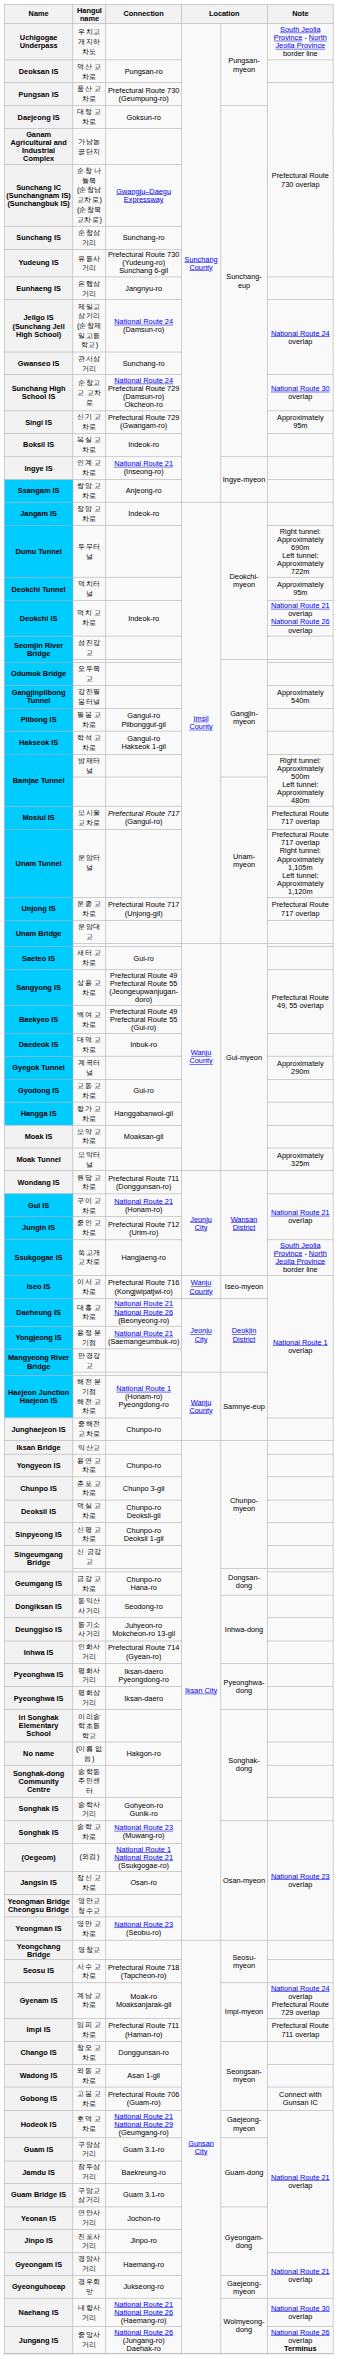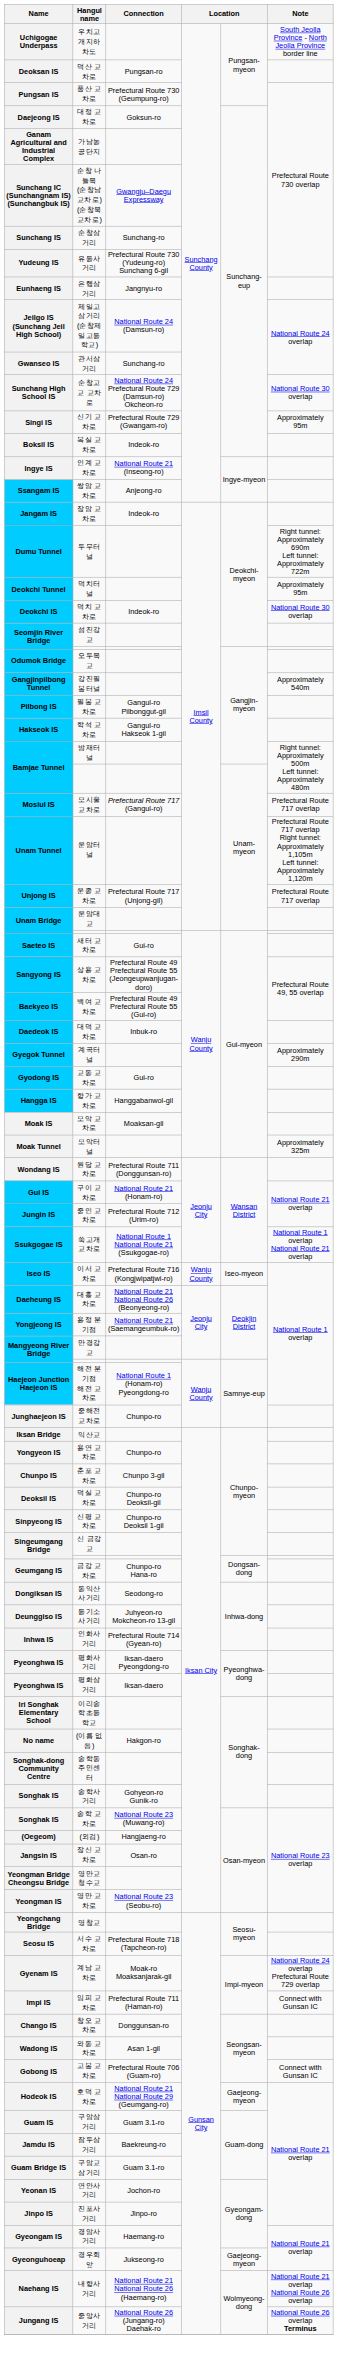 <table class="wikitable" style="font-size: 85%; text-align: center;">
 <tr>
 <th>Name </th>
 <th>Hangul name</th>
 <th>Connection</th>
 <th colspan="2">Location</th>
 <th>Note</th>
 </tr>
 <tr>
 <th>Uchigogae Underpass</th>
 <td>우치고개지하차도</td>
 <td></td>
 <td rowspan=16><a href='#'>Sunchang County</a></td>
 <td rowspan=3>Pungsan-myeon</td>
 <td><a href='#'>South Jeolla Province</a> - <a href='#'>North Jeolla Province</a> border line</td>
 </tr>
 <tr>
 <th>Deoksan IS</th>
 <td>덕산 교차로</td>
 <td>Pungsan-ro</td>
 <td></td>
 </tr>
 <tr>
 <th>Pungsan IS</th>
 <td>풍산 교차로</td>
 <td>Prefectural Route 730<br>(Geumpung-ro)</td>
 <td rowspan=6>Prefectural Route 730 overlap</td>
 </tr>
 <tr>
 <th>Daejeong IS</th>
 <td>대정 교차로</td>
 <td>Goksun-ro</td>
 <td rowspan=11>Sunchang-eup</td>
 </tr>
 <tr>
 <th>Ganam Agricultural and Industrial Complex</th>
 <td>가남농공단지</td>
 <td></td>
 </tr>
 <tr>
 <th>Sunchang IC<br>(Sunchangnam IS)<br>(Sunchangbuk IS)</th>
 <td>순창 나들목<br>(순창남 교차로)<br>(순창북 교차로)</td>
 <td><a href='#'>Gwangju–Daegu Expressway</a></td>
 </tr>
 <tr>
 <th>Sunchang IS</th>
 <td>순창삼거리</td>
 <td>Sunchang-ro</td>
 </tr>
 <tr>
 <th>Yudeung IS</th>
 <td>유등사거리</td>
 <td>Prefectural Route 730<br>(Yudeung-ro)<br>Sunchang 6-gil</td>
 </tr>
 <tr>
 <th>Eunhaeng IS</th>
 <td>은행삼거리</td>
 <td>Jangnyu-ro</td>
 <td></td>
 </tr>
 <tr>
 <th>Jeilgo IS<br>(Sunchang Jeil High School)</th>
 <td>제일고삼거리<br>(순창제일고등학교)</td>
 <td><a href='#'>National Route 24</a><br>(Damsun-ro)</td>
 <td rowspan=2><a href='#'>National Route 24</a> overlap</td>
 </tr>
 <tr>
 <th>Gwanseo IS</th>
 <td>관서삼거리</td>
 <td>Sunchang-ro</td>
 </tr>
 <tr>
 <th>Sunchang High School IS</th>
 <td>순창고교 교차로</td>
 <td><a href='#'>National Route 24</a><br>Prefectural Route 729<br>(Damsun-ro)<br>Okcheon-ro</td>
 <td><a href='#'>National Route 30</a> overlap</td>
 </tr>
 <tr>
 <th>Singi IS</th>
 <td>신기 교차로</td>
 <td>Prefectural Route 729<br>(Gwangam-ro)</td>
 <td>Approximately 95m</td>
 </tr>
 <tr>
 <th>Boksil IS</th>
 <td>복실 교차로</td>
 <td>Indeok-ro</td>
 <td></td>
 </tr>
 <tr>
 <th>Ingye IS</th>
 <td>인계 교차로</td>
 <td><a href='#'>National Route 21</a><br>(Inseong-ro)</td>
 <td rowspan=2>Ingye-myeon</td>
 <td></td>
 </tr>
 <tr>
 <th style="background-color: #00CCFF;">Ssangam IS</th>
 <td>쌍암 교차로</td>
 <td>Anjeong-ro</td>
 <td></td>
 </tr>
 <tr>
 <th style="background-color: #00CCFF;">Jangam IS</th>
 <td>장암 교차로</td>
 <td>Indeok-ro</td>
 <td rowspan=16><a href='#'>Imsil County</a></td>
 <td rowspan=5>Deokchi-myeon</td>
 <td></td>
 </tr>
 <tr>
 <th style="background-color: #00CCFF;">Dumu Tunnel</th>
 <td>두무터널</td>
 <td></td>
 <td>Right tunnel: Approximately 690m<br>Left tunnel: Approximately 722m</td>
 </tr>
 <tr>
 <th style="background-color: #00CCFF;">Deokchi Tunnel</th>
 <td>덕치터널</td>
 <td></td>
 <td>Approximately 95m</td>
 </tr>
 <tr>
 <th style="background-color: #00CCFF;">Deokchi IS</th>
 <td>덕치 교차로</td>
 <td>Indeok-ro</td>
-<td><a href='#'>National Route 21</a> overlap<br><a href='#'>National Route 26</a> overlap</td>
+<td><a href='#'>National Route 30</a> overlap</td>
 </tr>
 <tr>
 <th rowspan=2 style="background-color: #00CCFF;">Seomjin River Bridge</th>
 <td>섬진강교</td>
 <td></td>
 <td></td>
 </tr>
 <tr>
 <td></td>
 <td></td>
 <td rowspan=6>Gangjin-myeon</td>
 <td></td>
 </tr>
 <tr>
 <th style="background-color: #00CCFF;">Odumok Bridge</th>
 <td>오두목교</td>
 <td></td>
 <td></td>
 </tr>
 <tr>
 <th style="background-color: #00CCFF;">Gangjinpilbong Tunnel</th>
 <td>강진필봉터널</td>
 <td></td>
 <td>Approximately 540m</td>
 </tr>
 <tr>
 <th style="background-color: #00CCFF;">Pilbong IS</th>
 <td>필봉 교차로</td>
 <td>Gangul-ro<br>Pilbonggut-gil</td>
 <td></td>
 </tr>
 <tr>
 <th style="background-color: #00CCFF;">Hakseok IS</th>
 <td>학석 교차로</td>
 <td>Gangul-ro<br>Hakseok 1-gil</td>
 <td></td>
 </tr>
 <tr>
 <th rowspan=2 style="background-color: #00CCFF;">Bamjae Tunnel</th>
 <td>밤재터널</td>
 <td></td>
 <td rowspan=2>Right tunnel: Approximately 500m<br>Left tunnel: Approximately 480m</td>
 </tr>
 <tr>
 <td></td>
 <td></td>
 <td rowspan=5>Unam-myeon</td>
 </tr>
 <tr>
 <th style="background-color: #00CCFF;">Mosiul IS</th>
 <td>모시울 교차로</td>
 <td><em>Prefectural Route 717</em><br>(Gangul-ro)</td>
 <td>Prefectural Route 717 overlap</td>
 </tr>
 <tr>
 <th style="background-color: #00CCFF;">Unam Tunnel</th>
 <td>운암터널</td>
 <td></td>
 <td>Prefectural Route 717 overlap<br>Right tunnel: Approximately 1,105m<br>Left tunnel: Approximately 1,120m</td>
 </tr>
 <tr>
 <th style="background-color: #00CCFF;">Unjong IS</th>
 <td>운종 교차로</td>
 <td>Prefectural Route 717<br>(Unjong-gil)</td>
 <td>Prefectural Route 717 overlap</td>
 </tr>
 <tr>
 <th rowspan=2 style="background-color: #00CCFF;">Unam Bridge</th>
 <td>운암대교</td>
 <td></td>
 <td></td>
 </tr>
 <tr>
 <td></td>
 <td></td>
 <td rowspan=10><a href='#'>Wanju County</a></td>
 <td rowspan=10>Gui-myeon</td>
 <td></td>
 </tr>
 <tr>
 <th style="background-color: #00CCFF;">Saeteo IS</th>
 <td>새터 교차로</td>
 <td>Gui-ro</td>
 <td></td>
 </tr>
 <tr>
 <th style="background-color: #00CCFF;">Sangyong IS</th>
 <td>상용 교차로</td>
 <td>Prefectural Route 49<br>Prefectural Route 55<br>(Jeongeupwanjugan-doro)</td>
 <td rowspan=2>Prefectural Route 49, 55 overlap</td>
 </tr>
 <tr>
 <th style="background-color: #00CCFF;">Baekyeo IS</th>
 <td>백여 교차로</td>
 <td>Prefectural Route 49<br>Prefectural Route 55<br>(Gui-ro)</td>
 </tr>
 <tr>
 <th style="background-color: #00CCFF;">Daedeok IS</th>
 <td>대덕 교차로</td>
 <td>Inbuk-ro</td>
 <td></td>
 </tr>
 <tr>
 <th style="background-color: #00CCFF;">Gyegok Tunnel</th>
 <td>계곡터널</td>
 <td></td>
 <td>Approximately 290m</td>
 </tr>
 <tr>
 <th style="background-color: #00CCFF;">Gyodong IS</th>
 <td>교동 교차로</td>
 <td>Gui-ro</td>
 <td></td>
 </tr>
 <tr>
 <th style="background-color: #00CCFF;">Hangga IS</th>
 <td>항가 교차로</td>
 <td>Hanggabanwol-gil</td>
 <td></td>
 </tr>
 <tr>
 <th>Moak IS</th>
 <td>모악 교차로</td>
 <td>Moaksan-gil</td>
 <td></td>
 </tr>
 <tr>
 <th>Moak Tunnel</th>
 <td>모악터널</td>
 <td></td>
 <td>Approximately 325m</td>
 </tr>
 <tr>
 <th>Wondang IS</th>
 <td>원당 교차로</td>
 <td>Prefectural Route 711<br>(Donggunsan-ro)</td>
 <td rowspan=4><a href='#'>Jeonju City</a></td>
 <td rowspan=4><a href='#'>Wansan District</a></td>
 <td></td>
 </tr>
 <tr>
 <th style="background-color: #00CCFF;">Gui IS</th>
 <td>구이 교차로</td>
 <td><a href='#'>National Route 21</a><br>(Honam-ro)</td>
 <td rowspan=2><a href='#'>National Route 21</a> overlap</td>
 </tr>
 <tr>
 <th style="background-color: #00CCFF;">Jungin IS</th>
 <td>중인 교차로</td>
 <td>Prefectural Route 712<br>(Urim-ro)</td>
 </tr>
 <tr>
 <th style="background-color: #00CCFF;">Ssukgogae IS</th>
 <td>쑥고개 교차로</td>
-<td>Hangjaeng-ro</td>
-<td><a href='#'>South Jeolla Province</a> - <a href='#'>North Jeolla Province</a> border line</td>
+<td><a href='#'>National Route 1</a><br><a href='#'>National Route 21</a><br>(Ssukgogae-ro)</td>
+<td><a href='#'>National Route 1</a> overlap<br><a href='#'>National Route 21</a> overlap</td>
 </tr>
 <tr>
 <th style="background-color: #00CCFF;">Iseo IS</th>
 <td>이서 교차로</td>
 <td>Prefectural Route 716<br>(Kongjwipatjwi-ro)</td>
 <td><a href='#'>Wanju County</a></td>
 <td>Iseo-myeon</td>
 <td rowspan=6><a href='#'>National Route 1</a> overlap</td>
 </tr>
 <tr>
 <th style="background-color: #00CCFF;">Daeheung IS</th>
 <td>대흥 교차로</td>
 <td><a href='#'>National Route 21</a><br><a href='#'>National Route 26</a><br>(Beonyeong-ro)</td>
 <td rowspan=3><a href='#'>Jeonju City</a></td>
 <td rowspan=3><a href='#'>Deokjin District</a></td>
 </tr>
 <tr>
 <th style="background-color: #00CCFF;">Yongjeong IS</th>
 <td>용정 분기점</td>
 <td><a href='#'>National Route 21</a><br>(Saemangeumbuk-ro)</td>
 </tr>
 <tr>
 <th rowspan=2 style="background-color: #00CCFF;">Mangyeong River Bridge</th>
 <td>만경강교</td>
 <td></td>
 </tr>
 <tr>
 <td></td>
 <td></td>
 <td rowspan=3><a href='#'>Wanju County</a></td>
 <td rowspan=3>Samnye-eup</td>
 </tr>
 <tr>
 <th style="background-color: #00CCFF;">Haejeon Junction<br>Haejeon IS</th>
 <td>해전 분기점<br>해전 교차로</td>
 <td><a href='#'>National Route 1</a><br>(Honam-ro)<br>Pyeongdong-ro</td>
 </tr>
 <tr>
 <th>Junghaejeon IS</th>
 <td>중해전 교차로</td>
 <td>Chunpo-ro</td>
 <td></td>
 </tr>
 <tr>
 <th>Iksan Bridge</th>
 <td>익산교</td>
 <td></td>
 <td rowspan=22><a href='#'>Iksan City</a></td>
 <td rowspan=6>Chunpo-myeon</td>
 <td></td>
 </tr>
 <tr>
 <th>Yongyeon IS</th>
 <td>용연 교차로</td>
 <td>Chunpo-ro</td>
 <td></td>
 </tr>
 <tr>
 <th>Chunpo IS</th>
 <td>춘포 교차로</td>
 <td>Chunpo 3-gil</td>
 <td></td>
 </tr>
 <tr>
 <th>Deoksil IS</th>
 <td>덕실 교차로</td>
 <td>Chunpo-ro<br>Deoksil-gil</td>
 <td></td>
 </tr>
 <tr>
 <th>Sinpyeong IS</th>
 <td>신평 교차로</td>
 <td>Chunpo-ro<br>Deoksil 1-gil</td>
 <td></td>
 </tr>
 <tr>
 <th rowspan=2>Singeumgang Bridge</th>
 <td>신 금강교</td>
 <td></td>
 <td></td>
 </tr>
 <tr>
 <td></td>
 <td></td>
 <td rowspan=2>Dongsan-dong</td>
 <td></td>
 </tr>
 <tr>
 <th>Geumgang IS</th>
 <td>금강 교차로</td>
 <td>Chunpo-ro<br>Hana-ro</td>
 <td></td>
 </tr>
 <tr>
 <th>Dongiksan IS</th>
 <td>동익산사거리</td>
 <td>Seodong-ro</td>
 <td rowspan=3>Inhwa-dong</td>
 <td></td>
 </tr>
 <tr>
 <th>Deunggiso IS</th>
 <td>등기소사거리</td>
 <td>Juhyeon-ro<br>Mokcheon-ro 13-gil</td>
 <td></td>
 </tr>
 <tr>
 <th>Inhwa IS</th>
 <td>인화사거리</td>
 <td>Prefectural Route 714<br>(Gyean-ro)</td>
 <td></td>
 </tr>
 <tr>
 <th>Pyeonghwa IS</th>
 <td>평화사거리</td>
 <td>Iksan-daero<br>Pyeongdong-ro</td>
 <td rowspan=2>Pyeonghwa-dong</td>
 <td></td>
 </tr>
 <tr>
 <th>Pyeonghwa IS</th>
 <td>평화삼거리</td>
 <td>Iksan-daero</td>
 <td></td>
 </tr>
 <tr>
 <th>Iri Songhak Elementary School</th>
 <td>이리송학초등학교</td>
 <td></td>
 <td rowspan=4>Songhak-dong</td>
 <td></td>
 </tr>
 <tr>
 <th>No name</th>
 <td>(이름 없음)</td>
 <td>Hakgon-ro</td>
 <td></td>
 </tr>
 <tr>
 <th>Songhak-dong Community Centre</th>
 <td>송학동주민센터</td>
 <td></td>
 <td></td>
 </tr>
 <tr>
 <th>Songhak IS</th>
 <td>송학사거리</td>
 <td>Gohyeon-ro<br>Gunik-ro</td>
 <td></td>
 </tr>
 <tr>
 <th>Songhak IS</th>
 <td>송학 교차로</td>
 <td><a href='#'>National Route 23</a><br>(Muwang-ro)</td>
 <td rowspan=5>Osan-myeon</td>
 <td rowspan=5><a href='#'>National Route 23</a> overlap</td>
 </tr>
 <tr>
 <th>(Oegeom)</th>
 <td>(외검)</td>
-<td><a href='#'>National Route 1</a><br><a href='#'>National Route 21</a><br>(Ssukgogae-ro)</td>
+<td>Hangjaeng-ro</td>
 </tr>
 <tr>
 <th>Jangsin IS</th>
 <td>장신 교차로</td>
 <td>Osan-ro</td>
 </tr>
 <tr>
 <th>Yeongman Bridge<br>Cheongsu Bridge</th>
 <td>영만교<br>청수교</td>
 <td></td>
 </tr>
 <tr>
 <th>Yeongman IS</th>
 <td>영만 교차로</td>
 <td><a href='#'>National Route 23</a><br>(Seobu-ro)</td>
 </tr>
 <tr>
 <th>Yeongchang Bridge</th>
 <td>영창교</td>
 <td></td>
 <td rowspan=17><a href='#'>Gunsan City</a></td>
 <td rowspan=2>Seosu-myeon</td>
 <td></td>
 </tr>
 <tr>
 <th>Seosu IS</th>
 <td>서수 교차로</td>
 <td>Prefectural Route 718<br>(Tapcheon-ro)</td>
 <td></td>
 </tr>
 <tr>
 <th>Gyenam IS</th>
 <td>계남 교차로</td>
 <td>Moak-ro<br>Moaksanjarak-gil</td>
 <td rowspan=2>Impi-myeon</td>
 <td><a href='#'>National Route 24</a> overlap<br>Prefectural Route 729 overlap</td>
 </tr>
 <tr>
 <th>Impi IS</th>
 <td>임피 교차로</td>
 <td>Prefectural Route 711<br>(Haman-ro)</td>
-<td>Prefectural Route 711 overlap</td>
+<td>Connect with Gunsan IC</td>
 </tr>
 <tr>
 <th>Chango IS</th>
 <td>창오 교차로</td>
 <td>Donggunsan-ro</td>
 <td rowspan=3>Seongsan-myeon</td>
 <td></td>
 </tr>
 <tr>
 <th>Wadong IS</th>
 <td>와동 교차로</td>
 <td>Asan 1-gil</td>
 <td></td>
 </tr>
 <tr>
 <th>Gobong IS</th>
 <td>고봉 교차로</td>
 <td>Prefectural Route 706<br>(Guam-ro)</td>
 <td>Connect with Gunsan IC</td>
 </tr>
 <tr>
 <th>Hodeok IS</th>
 <td>호덕 교차로</td>
 <td><a href='#'>National Route 21</a><br><a href='#'>National Route 29</a><br>(Geumgang-ro)</td>
 <td>Gaejeong-myeon</td>
 <td rowspan=6><a href='#'>National Route 21</a> overlap</td>
 </tr>
 <tr>
 <th>Guam IS</th>
 <td>구암삼거리</td>
 <td>Guam 3.1-ro</td>
 <td rowspan=3>Guam-dong</td>
 </tr>
 <tr>
 <th>Jamdu IS</th>
 <td>잠두삼거리</td>
 <td>Baekreung-ro</td>
 </tr>
 <tr>
 <th>Guam Bridge IS</th>
 <td>구암교삼거리</td>
 <td>Guam 3.1-ro</td>
 </tr>
 <tr>
 <th>Yeonan IS</th>
 <td>연안사거리</td>
 <td>Jochon-ro</td>
 <td rowspan=3>Gyeongam-dong</td>
 </tr>
 <tr>
 <th>Jinpo IS</th>
 <td>진포사거리</td>
 <td>Jinpo-ro</td>
 </tr>
 <tr>
 <th>Gyeongam IS</th>
 <td>경암사거리</td>
 <td>Haemang-ro</td>
 <td rowspan=2><a href='#'>National Route 21</a> overlap</td>
 </tr>
 <tr>
 <th>Gyeonguhoeap</th>
 <td>경우회앞</td>
 <td>Jukseong-ro</td>
 <td>Gaejeong-myeon</td>
 </tr>
 <tr>
 <th>Naehang IS</th>
 <td>내항사거리</td>
 <td><a href='#'>National Route 21</a><br><a href='#'>National Route 26</a><br>(Haemang-ro)</td>
 <td rowspan=2>Wolmyeong-dong</td>
-<td><a href='#'>National Route 30</a> overlap</td>
+<td><a href='#'>National Route 21</a> overlap<br><a href='#'>National Route 26</a> overlap</td>
 </tr>
 <tr>
 <th>Jungang IS</th>
 <td>중앙사거리</td>
 <td><a href='#'>National Route 26</a><br>(Jungang-ro)<br>Daehak-ro</td>
 <td><a href='#'>National Route 26</a> overlap<br><strong>Terminus</strong></td>
 </tr>
 <tr>
 </tr>
 </table>
